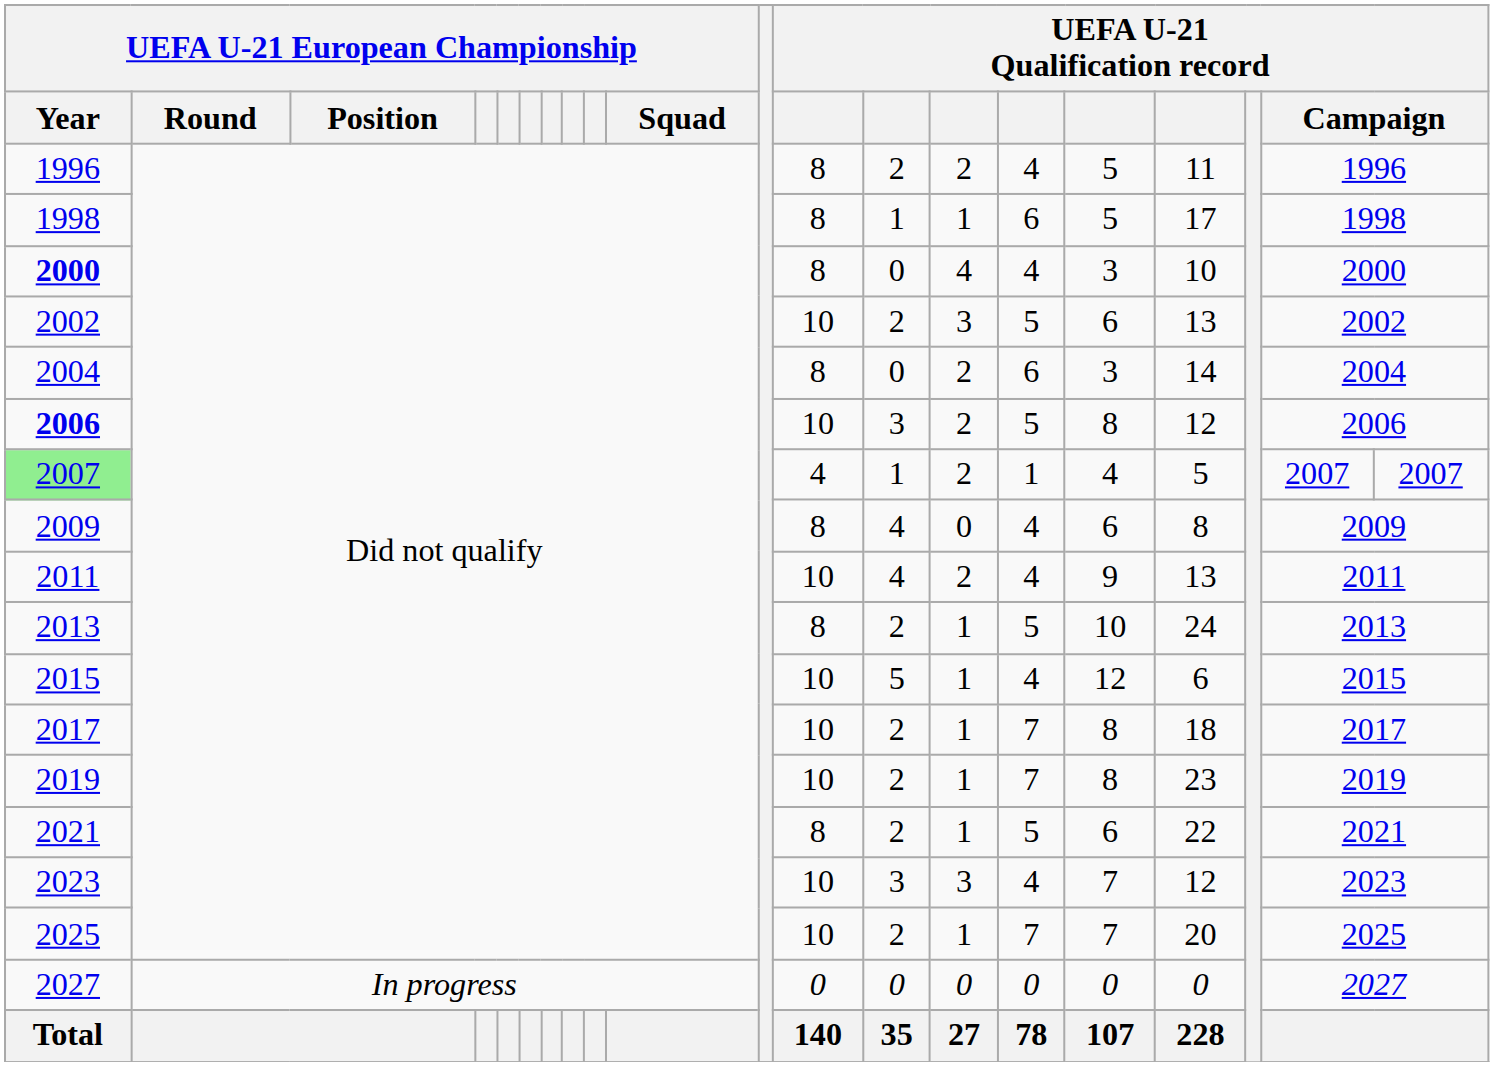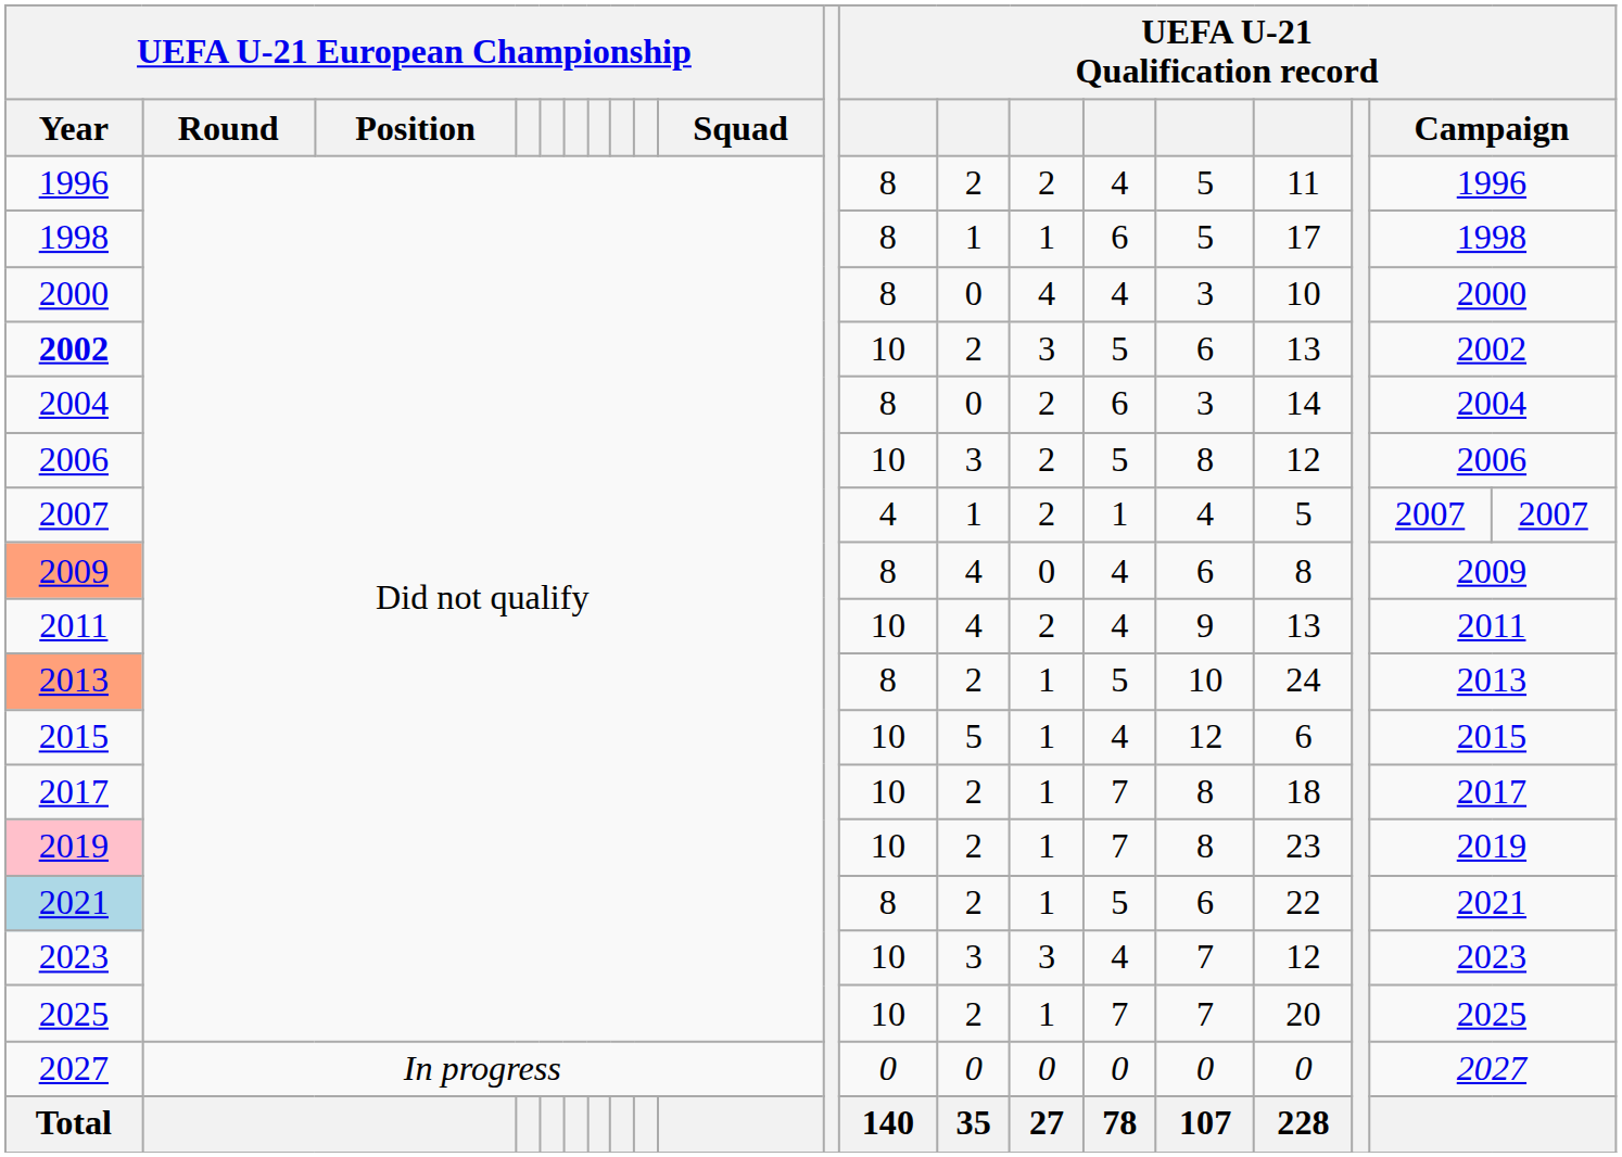 <table class="wikitable" style="text-align: center;">
 <tr>
 <th colspan=10><a href='#'>UEFA U-21 European Championship</a></th>
 <th width=1% rowspan=20></th>
 <th colspan=9>UEFA U-21<br>Qualification record</th>
 </tr>
 <tr>
 <th>Year</th>
 <th>Round</th>
 <th>Position</th>
 <th></th>
 <th></th>
 <th></th>
 <th></th>
 <th></th>
 <th></th>
 <th>Squad</th>
 <th></th>
 <th></th>
 <th></th>
 <th></th>
 <th></th>
 <th></th>
 <th rowspan="32" width="1%"></th>
 <th colspan="2">Campaign</th>
 </tr>
 <tr>
 <td> <a href='#'>1996</a></td>
 <td colspan="9" rowspan="16">Did not qualify</td>
 <td>8</td>
 <td>2</td>
 <td>2</td>
 <td>4</td>
 <td>5</td>
 <td>11</td>
 <td colspan= "2"><a href='#'>1996</a></td>
 </tr>
 <tr>
 <td> <a href='#'>1998</a></td>
 <td>8</td>
 <td>1</td>
 <td>1</td>
 <td>6</td>
 <td>5</td>
 <td>17</td>
 <td colspan= "2"><a href='#'>1998</a></td>
 </tr>
 <tr>
-<td><strong> <a href='#'>2000</a></strong></td>
+<td> <a href='#'>2000</a></td>
 <td>8</td>
 <td>0</td>
 <td>4</td>
 <td>4</td>
 <td>3</td>
 <td>10</td>
 <td colspan= "2"><a href='#'>2000</a></td>
 </tr>
 <tr>
-<td> <a href='#'>2002</a></td>
+<td><strong> <a href='#'>2002</a></strong></td>
 <td>10</td>
 <td>2</td>
 <td>3</td>
 <td>5</td>
 <td>6</td>
 <td>13</td>
 <td colspan= "2"><a href='#'>2002</a></td>
 </tr>
 <tr>
 <td> <a href='#'>2004</a></td>
 <td>8</td>
 <td>0</td>
 <td>2</td>
 <td>6</td>
 <td>3</td>
 <td>14</td>
 <td colspan= "2"><a href='#'>2004</a></td>
 </tr>
 <tr>
-<td><strong> <a href='#'>2006</a></strong></td>
+<td> <a href='#'>2006</a></td>
 <td>10</td>
 <td>3</td>
 <td>2</td>
 <td>5</td>
 <td>8</td>
 <td>12</td>
 <td colspan= "2"><a href='#'>2006</a></td>
 </tr>
 <tr>
-<td style="background: lightgreen;"> <a href='#'>2007</a></td>
+<td> <a href='#'>2007</a></td>
 <td>4</td>
 <td>1</td>
 <td>2</td>
 <td>1</td>
 <td>4</td>
 <td>5</td>
 <td><a href='#'>2007</a></td>
 <td><a href='#'>2007</a></td>
 </tr>
 <tr>
-<td> <a href='#'>2009</a></td>
+<td style="background: lightsalmon;"> <a href='#'>2009</a></td>
 <td>8</td>
 <td>4</td>
 <td>0</td>
 <td>4</td>
 <td>6</td>
 <td>8</td>
 <td colspan= "2"><a href='#'>2009</a></td>
 </tr>
 <tr>
 <td> <a href='#'>2011</a></td>
 <td>10</td>
 <td>4</td>
 <td>2</td>
 <td>4</td>
 <td>9</td>
 <td>13</td>
 <td colspan= "2"><a href='#'>2011</a></td>
 </tr>
 <tr>
-<td> <a href='#'>2013</a></td>
+<td style="background: lightsalmon;"> <a href='#'>2013</a></td>
 <td>8</td>
 <td>2</td>
 <td>1</td>
 <td>5</td>
 <td>10</td>
 <td>24</td>
 <td colspan= "2"><a href='#'>2013</a></td>
 </tr>
 <tr>
 <td> <a href='#'>2015</a></td>
 <td>10</td>
 <td>5</td>
 <td>1</td>
 <td>4</td>
 <td>12</td>
 <td>6</td>
 <td colspan= "2"><a href='#'>2015</a></td>
 </tr>
 <tr>
 <td> <a href='#'>2017</a></td>
 <td>10</td>
 <td>2</td>
 <td>1</td>
 <td>7</td>
 <td>8</td>
 <td>18</td>
 <td colspan= "2"><a href='#'>2017</a></td>
 </tr>
 <tr>
-<td>  <a href='#'>2019</a></td>
+<td style="background: pink;">  <a href='#'>2019</a></td>
 <td>10</td>
 <td>2</td>
 <td>1</td>
 <td>7</td>
 <td>8</td>
 <td>23</td>
 <td colspan= "2"><a href='#'>2019</a></td>
 </tr>
 <tr>
-<td>  <a href='#'>2021</a></td>
+<td style="background: lightblue;">  <a href='#'>2021</a></td>
 <td>8</td>
 <td>2</td>
 <td>1</td>
 <td>5</td>
 <td>6</td>
 <td>22</td>
 <td colspan= "2"><a href='#'>2021</a></td>
 </tr>
 <tr>
 <td>  <a href='#'>2023</a></td>
 <td>10</td>
 <td>3</td>
 <td>3</td>
 <td>4</td>
 <td>7</td>
 <td>12</td>
 <td colspan= "2"><a href='#'>2023</a></td>
 </tr>
 <tr>
 <td> <a href='#'>2025</a></td>
 <td>10</td>
 <td>2</td>
 <td>1</td>
 <td>7</td>
 <td>7</td>
 <td>20</td>
 <td colspan= "2"><a href='#'>2025</a></td>
 </tr>
 <tr>
 <td>  <a href='#'>2027</a></td>
 <td colspan="9"><em>In progress</em></td>
 <td><em>0</em></td>
 <td><em>0</em></td>
 <td><em>0</em></td>
 <td><em>0</em></td>
 <td><em>0</em></td>
 <td><em>0</em></td>
 <td colspan= "2"><em><a href='#'>2027</a></em></td>
 </tr>
 <tr>
 <th>Total</th>
 <th colspan=2></th>
 <th></th>
 <th></th>
 <th></th>
 <th></th>
 <th></th>
 <th></th>
 <th></th>
 <th>140</th>
 <th>35</th>
 <th>27</th>
 <th>78</th>
 <th>107</th>
 <th>228</th>
 <th colspan="2"></th>
 </tr>
 <tr>
 </tr>
 </table>
